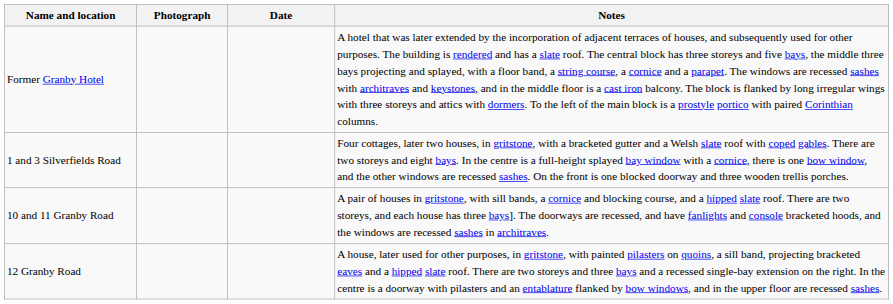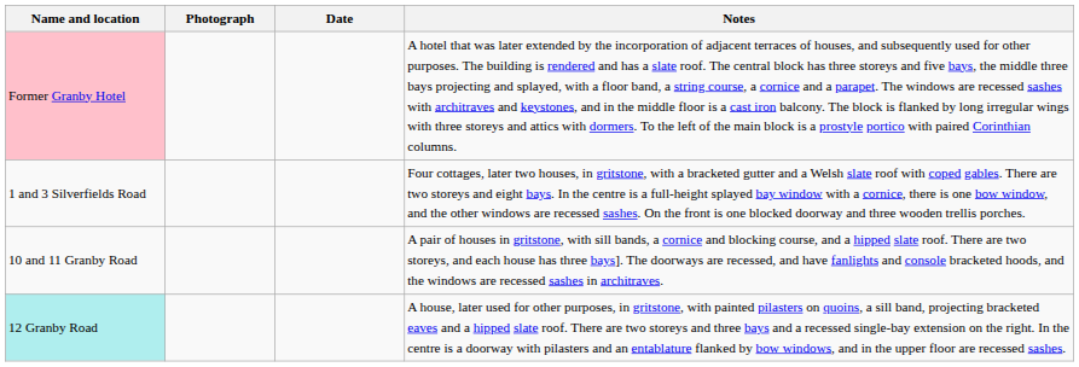 <table class="wikitable sortable plainrowheaders" style="width:100%;border:0px;text-align:left;line-height:150%;">
 <tr>
 <th scope="col"  style="width:150px">Name and location</th>
 <th scope="col"  style="width:100px" class="unsortable">Photograph</th>
 <th scope="col"  style="width:120px">Date</th>
 <th scope="col"  style="width:650px" class="unsortable">Notes</th>
 </tr>
 <tr>
-<td>Former <a href='#'>Granby Hotel</a><br><small></small></td>
+<td style="background: pink;">Former <a href='#'>Granby Hotel</a><br><small></small></td>
 <td></td>
 <td align="center"></td>
 <td>A hotel that was later extended by the incorporation of adjacent terraces of houses, and subsequently used for other purposes.  The building is <a href='#'>rendered</a> and has a <a href='#'>slate</a> roof.  The central block has three storeys and five <a href='#'>bays</a>, the middle three bays projecting and splayed, with a floor band, a <a href='#'>string course</a>, a <a href='#'>cornice</a> and a <a href='#'>parapet</a>.  The windows are recessed <a href='#'>sashes</a> with <a href='#'>architraves</a> and <a href='#'>keystones</a>, and in the middle floor is a <a href='#'>cast iron</a> balcony.  The block is flanked by long irregular wings with three storeys and attics with <a href='#'>dormers</a>.  To the left of the main block is a <a href='#'>prostyle</a> <a href='#'>portico</a> with paired <a href='#'>Corinthian</a> columns.</td>
 </tr>
 <tr>
 <td>1 and 3 Silverfields Road<br><small></small></td>
 <td></td>
 <td align="center"></td>
 <td>Four cottages, later two houses, in <a href='#'>gritstone</a>, with a bracketed gutter and a Welsh <a href='#'>slate</a> roof with <a href='#'>coped</a> <a href='#'>gables</a>.  There are two storeys and eight <a href='#'>bays</a>.  In the centre is a full-height splayed <a href='#'>bay window</a> with a <a href='#'>cornice</a>, there is one <a href='#'>bow window</a>, and the other windows are recessed <a href='#'>sashes</a>.  On the front is one blocked doorway and three wooden trellis porches.</td>
 </tr>
 <tr>
 <td>10 and 11 Granby Road<br><small></small></td>
 <td></td>
 <td align="center"></td>
 <td>A pair of houses in <a href='#'>gritstone</a>, with sill bands, a <a href='#'>cornice</a> and blocking course, and a <a href='#'>hipped</a> <a href='#'>slate</a> roof.  There are two storeys, and each house has three <a href='#'>bays</a>].  The doorways are recessed, and have <a href='#'>fanlights</a> and <a href='#'>console</a> bracketed hoods, and the windows are recessed <a href='#'>sashes</a> in <a href='#'>architraves</a>.</td>
 </tr>
 <tr>
-<td>12 Granby Road<br><small></small></td>
+<td style="background: paleturquoise;">12 Granby Road<br><small></small></td>
 <td></td>
 <td align="center"></td>
 <td>A house, later used for other purposes, in <a href='#'>gritstone</a>, with painted <a href='#'>pilasters</a> on <a href='#'>quoins</a>, a sill band, projecting bracketed <a href='#'>eaves</a> and a <a href='#'>hipped</a> <a href='#'>slate</a> roof.  There are two storeys and three <a href='#'>bays</a> and a recessed single-bay extension on the right.  In the centre is a doorway with pilasters and an <a href='#'>entablature</a> flanked by <a href='#'>bow windows</a>, and in the upper floor are recessed <a href='#'>sashes</a>.</td>
 </tr>
 <tr>
 </tr>
 </table>
